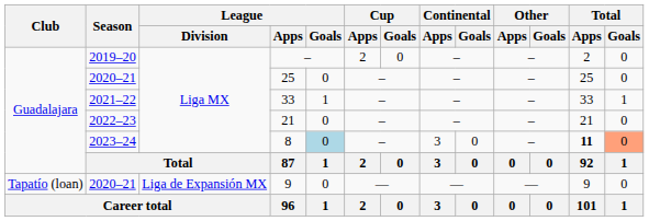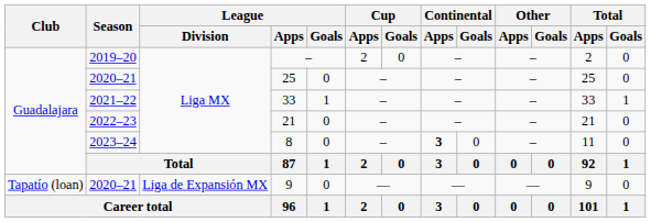 <table class="wikitable" style="text-align: center">
 <tr>
 <th rowspan="2">Club</th>
 <th rowspan="2">Season</th>
 <th colspan="3">League</th>
 <th colspan="2">Cup</th>
 <th colspan="2">Continental</th>
 <th colspan="2">Other</th>
 <th colspan="2">Total</th>
 </tr>
 <tr>
 <th>Division</th>
 <th>Apps</th>
 <th>Goals</th>
 <th>Apps</th>
 <th>Goals</th>
 <th>Apps</th>
 <th>Goals</th>
 <th>Apps</th>
 <th>Goals</th>
 <th>Apps</th>
 <th>Goals</th>
 </tr>
 <tr>
 <td rowspan="6"><a href='#'>Guadalajara</a></td>
 <td><a href='#'>2019–20</a></td>
 <td rowspan="5"><a href='#'>Liga MX</a></td>
 <td colspan="2">–</td>
 <td>2</td>
 <td>0</td>
 <td colspan="2">–</td>
 <td colspan="2">–</td>
 <td>2</td>
 <td>0</td>
 </tr>
 <tr>
 <td><a href='#'>2020–21</a></td>
 <td>25</td>
 <td>0</td>
 <td colspan="2">–</td>
 <td colspan="2">–</td>
 <td colspan="2">–</td>
 <td>25</td>
 <td>0</td>
 </tr>
 <tr>
 <td><a href='#'>2021–22</a></td>
 <td>33</td>
 <td>1</td>
 <td colspan="2">–</td>
 <td colspan="2">–</td>
 <td colspan="2">–</td>
 <td>33</td>
 <td>1</td>
 </tr>
 <tr>
 <td><a href='#'>2022–23</a></td>
 <td>21</td>
 <td>0</td>
 <td colspan="2">–</td>
 <td colspan="2">–</td>
 <td colspan="2">–</td>
 <td>21</td>
 <td>0</td>
 </tr>
 <tr>
 <td><a href='#'>2023–24</a></td>
 <td>8</td>
-<td style="background: lightblue;">0</td>
-<td colspan="2">–</td>
-<td>3</td>
 <td>0</td>
 <td colspan="2">–</td>
-<td><strong>11</strong></td>
-<td style="background: lightsalmon;">0</td>
+<td><strong>3</strong></td>
+<td>0</td>
+<td colspan="2">–</td>
+<td>11</td>
+<td>0</td>
 </tr>
 <tr>
 <th colspan="2">Total</th>
 <th>87</th>
 <th>1</th>
 <th>2</th>
 <th>0</th>
 <th>3</th>
 <th>0</th>
 <th>0</th>
 <th>0</th>
 <th>92</th>
 <th>1</th>
 </tr>
 <tr>
 <td rowspan="1"><a href='#'>Tapatío</a> (loan)</td>
 <td><a href='#'>2020–21</a></td>
 <td rowspan="1"><a href='#'>Liga de Expansión MX</a></td>
 <td>9</td>
 <td>0</td>
 <td colspan=2>—</td>
 <td colspan=2>—</td>
 <td colspan=2>—</td>
 <td>9</td>
 <td>0</td>
 </tr>
 <tr>
 <th colspan="3">Career total</th>
 <th>96</th>
 <th>1</th>
 <th>2</th>
 <th>0</th>
 <th>3</th>
 <th>0</th>
 <th>0</th>
 <th>0</th>
 <th>101</th>
 <th>1</th>
 </tr>
 </table>
